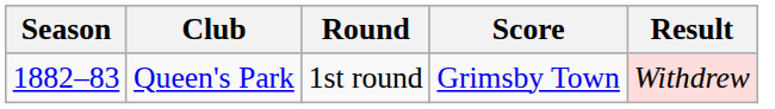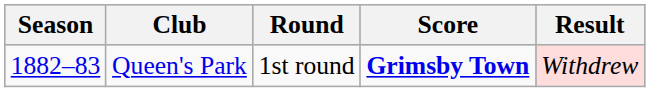 <table class=wikitable style="text-align:left">
 <tr>
 <th>Season</th>
 <th>Club</th>
 <th>Round</th>
 <th>Score</th>
 <th>Result</th>
 </tr>
 <tr>
 <td align=center rowspan=7><a href='#'>1882–83</a></td>
 <td><a href='#'>Queen's Park</a></td>
 <td>1st round</td>
-<td> <a href='#'>Grimsby Town</a></td>
+<td><strong> <a href='#'>Grimsby Town</a></strong></td>
 <td align=center bgcolor=#ffdddd><em>Withdrew</em></td>
 </tr>
 </table>
